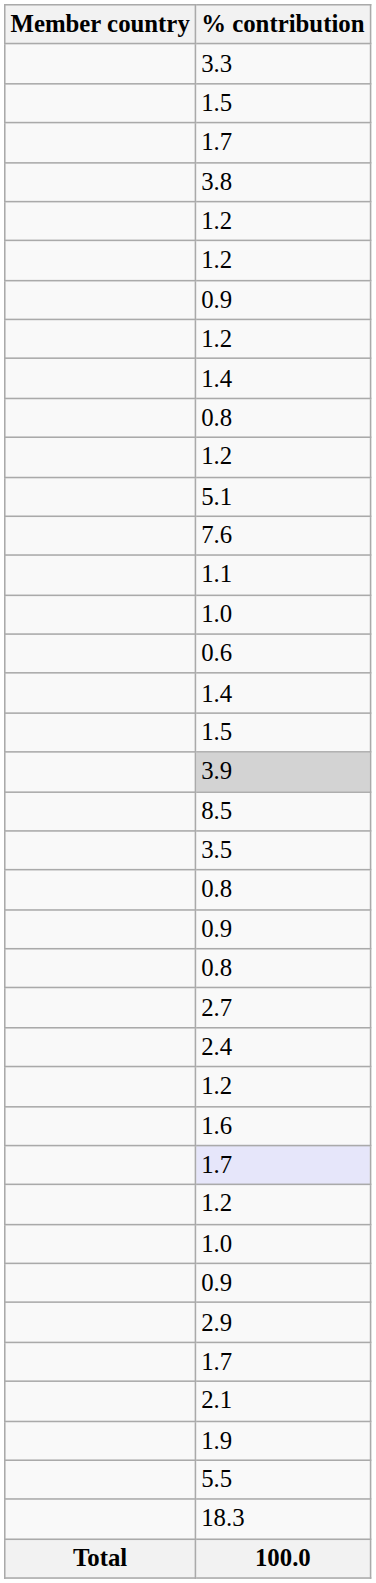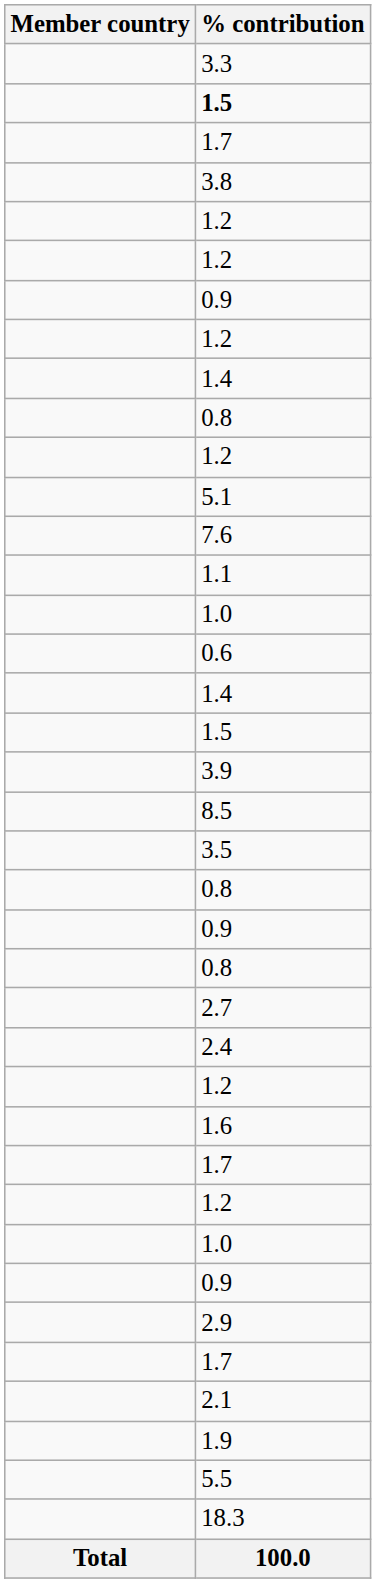 <table class="wikitable sortable mw-datatable sticky-header sort-under static-row-numbers">
 <tr>
 <th>Member country</th>
 <th>% contribution</th>
 </tr>
 <tr>
 <td></td>
 <td>3.3</td>
 </tr>
 <tr>
 <td></td>
-<td>1.5</td>
+<td><strong>1.5</strong></td>
 </tr>
 <tr>
 <td></td>
 <td>1.7</td>
 </tr>
 <tr>
 <td></td>
 <td>3.8</td>
 </tr>
 <tr>
 <td></td>
 <td>1.2</td>
 </tr>
 <tr>
 <td></td>
 <td>1.2</td>
 </tr>
 <tr>
 <td></td>
 <td>0.9</td>
 </tr>
 <tr>
 <td></td>
 <td>1.2</td>
 </tr>
 <tr>
 <td></td>
 <td>1.4</td>
 </tr>
 <tr>
 <td></td>
 <td>0.8</td>
 </tr>
 <tr>
 <td></td>
 <td>1.2</td>
 </tr>
 <tr>
 <td></td>
 <td>5.1</td>
 </tr>
 <tr>
 <td></td>
 <td>7.6</td>
 </tr>
 <tr>
 <td></td>
 <td>1.1</td>
 </tr>
 <tr>
 <td></td>
 <td>1.0</td>
 </tr>
 <tr>
 <td></td>
 <td>0.6</td>
 </tr>
 <tr>
 <td></td>
 <td>1.4</td>
 </tr>
 <tr>
 <td></td>
 <td>1.5</td>
 </tr>
 <tr>
 <td></td>
-<td style="background: lightgrey;">3.9</td>
+<td>3.9</td>
 </tr>
 <tr>
 <td></td>
 <td>8.5</td>
 </tr>
 <tr>
 <td></td>
 <td>3.5</td>
 </tr>
 <tr>
 <td></td>
 <td>0.8</td>
 </tr>
 <tr>
 <td></td>
 <td>0.9</td>
 </tr>
 <tr>
 <td></td>
 <td>0.8</td>
 </tr>
 <tr>
 <td></td>
 <td>2.7</td>
 </tr>
 <tr>
 <td></td>
 <td>2.4</td>
 </tr>
 <tr>
 <td></td>
 <td>1.2</td>
 </tr>
 <tr>
 <td></td>
 <td>1.6</td>
 </tr>
 <tr>
 <td></td>
-<td style="background: lavender;">1.7</td>
+<td>1.7</td>
 </tr>
 <tr>
 <td></td>
 <td>1.2</td>
 </tr>
 <tr>
 <td></td>
 <td>1.0</td>
 </tr>
 <tr>
 <td></td>
 <td>0.9</td>
 </tr>
 <tr>
 <td></td>
 <td>2.9</td>
 </tr>
 <tr>
 <td></td>
 <td>1.7</td>
 </tr>
 <tr>
 <td></td>
 <td>2.1</td>
 </tr>
 <tr>
 <td></td>
 <td>1.9</td>
 </tr>
 <tr>
 <td></td>
 <td>5.5</td>
 </tr>
 <tr>
 <td></td>
 <td>18.3</td>
 </tr>
 <tr>
 <th>Total</th>
 <th>100.0</th>
 </tr>
 </table>
